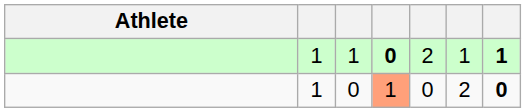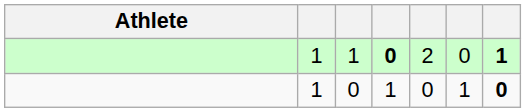 <table class=wikitable style="text-align:center">
 <tr>
 <th width=210>Athlete</th>
 <th width=20></th>
 <th width=20></th>
 <th width=20></th>
 <th width=20></th>
 <th width=20></th>
 <th width=20></th>
 </tr>
 <tr bgcolor=ccffcc>
 <td style="text-align:left"></td>
 <td>1</td>
 <td>1</td>
 <td><strong>0</strong></td>
 <td>2</td>
-<td>1</td>
+<td>0</td>
 <td><strong>1</strong></td>
 </tr>
 <tr>
 <td style="text-align:left"></td>
 <td>1</td>
 <td>0</td>
-<td style="background: lightsalmon;">1</td>
+<td>1</td>
 <td>0</td>
-<td>2</td>
+<td>1</td>
 <td><strong>0</strong></td>
 </tr>
 </table>
